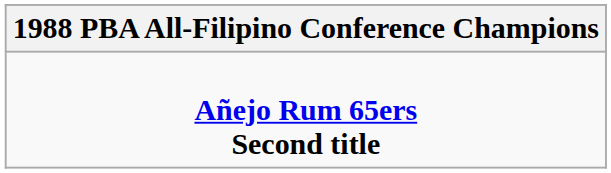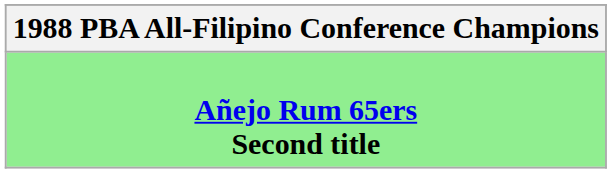 <table class=wikitable style="text-align:center; margin:auto">
 <tr>
 <th>1988 PBA All-Filipino Conference Champions</th>
 </tr>
 <tr>
-<td><br> <strong><a href='#'>Añejo Rum 65ers</a></strong> <br> <strong>Second title</strong></td>
+<td style="background: lightgreen;"><br> <strong><a href='#'>Añejo Rum 65ers</a></strong> <br> <strong>Second title</strong></td>
 </tr>
 </table>
